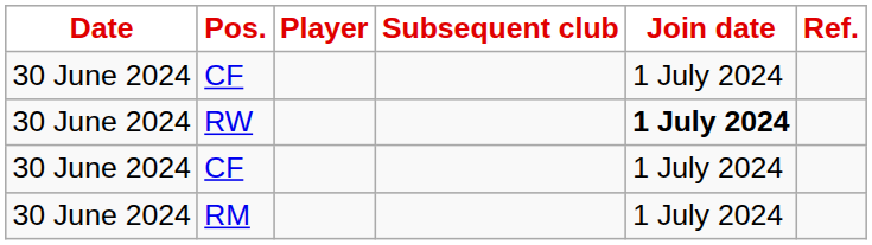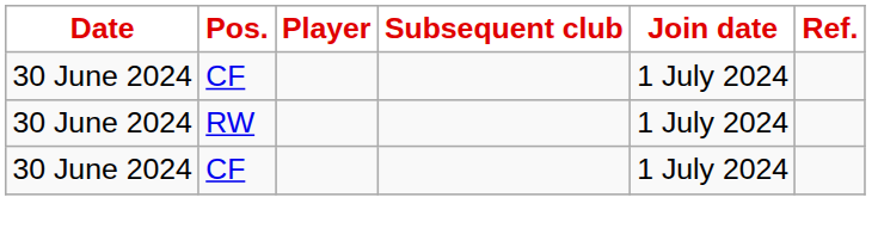 <table class="wikitable plainrowheaders sortable">
 <tr>
 <th style="background:white; color:#E00000; ">Date</th>
 <th style="background:white; color:#E00000; ">Pos.</th>
 <th style="background:white; color:#E00000; ">Player</th>
 <th style="background:white; color:#E00000; ">Subsequent club</th>
 <th style="background:white; color:#E00000; ">Join date</th>
 <th style="background:white; color:#E00000; ">Ref.</th>
 </tr>
 <tr>
 <td>30 June 2024</td>
 <td><a href='#'>CF</a></td>
 <td></td>
 <td></td>
 <td>1 July 2024</td>
 <td></td>
 </tr>
 <tr>
 <td>30 June 2024</td>
 <td><a href='#'>RW</a></td>
 <td></td>
 <td></td>
-<td><strong>1 July 2024</strong></td>
+<td>1 July 2024</td>
 <td></td>
 </tr>
 <tr>
 <td>30 June 2024</td>
 <td><a href='#'>CF</a></td>
 <td></td>
 <td></td>
 <td>1 July 2024</td>
 <td></td>
 </tr>
-<tr>
-<td>30 June 2024</td>
-<td><a href='#'>RM</a></td>
-<td></td>
-<td></td>
-<td>1 July 2024</td>
-<td></td>
-</tr>
 </table>
